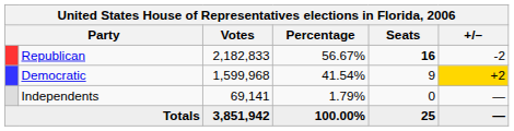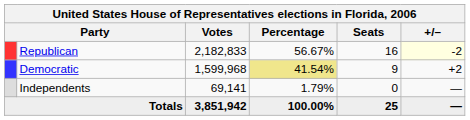 <table class="wikitable" style="font-size: 95%;">
 <tr>
 <th colspan="6">United States House of Representatives elections in Florida, 2006</th>
 </tr>
 <tr>
 <th colspan=2 style="width: 15em">Party</th>
 <th style="width: 5em">Votes</th>
 <th style="width: 7em">Percentage</th>
 <th style="width: 5em">Seats</th>
 <th style="width: 5em">+/–</th>
 </tr>
 <tr>
 <th style="background:#f33; width:3px;"></th>
 <td style="width: 130px"><a href='#'>Republican</a></td>
 <td style="text-align:right;">2,182,833</td>
 <td style="text-align:right;">56.67%</td>
-<td style="text-align:right;"><strong>16</strong></td>
-<td style="text-align:right;">-2</td>
+<td style="text-align:right;">16</td>
+<td style="background: lightyellow; text-align:right;">-2</td>
 </tr>
 <tr>
 <th style="background:#33f; width:3px;"></th>
 <td style="width: 130px"><a href='#'>Democratic</a></td>
 <td style="text-align:right;">1,599,968</td>
-<td style="text-align:right;">41.54%</td>
+<td style="background: khaki; text-align:right;">41.54%</td>
 <td style="text-align:right;">9</td>
-<td style="background: gold; text-align:right;">+2</td>
+<td style="text-align:right;">+2</td>
 </tr>
 <tr>
 <th style="background:#ddd; width:3px;"></th>
 <td style="width: 130px">Independents</td>
 <td style="text-align:right;">69,141</td>
 <td style="text-align:right;">1.79%</td>
 <td style="text-align:right;">0</td>
 <td style="text-align:right;">—</td>
 </tr>
 <tr style="background:#eee; text-align:right;">
 <td colspan="2"><strong>Totals</strong></td>
 <td><strong>3,851,942</strong></td>
 <td><strong>100.00%</strong></td>
 <td><strong>25</strong></td>
 <td><strong>—</strong></td>
 </tr>
 </table>
